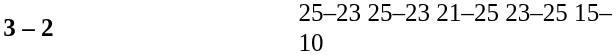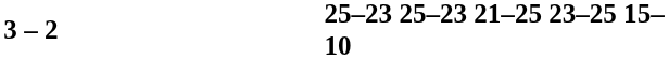 <table width=100% cellspacing=1>
 <tr>
 <th width=20%></th>
 <th width=12%></th>
 <th width=20%></th>
 <th width=33%></th>
 <td></td>
 </tr>
 <tr style=font-size:95%>
 <td align=right><strong></strong></td>
 <td align=center><strong>3 – 2</strong></td>
 <td></td>
-<td>25–23 25–23 21–25 23–25 15–10</td>
+<td><strong>25–23 25–23 21–25 23–25 15–10</strong></td>
 </tr>
 </table>
